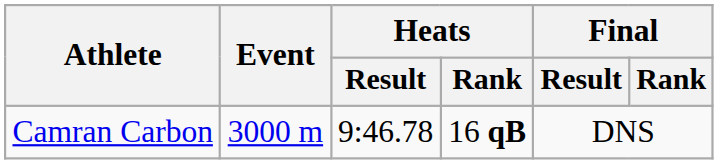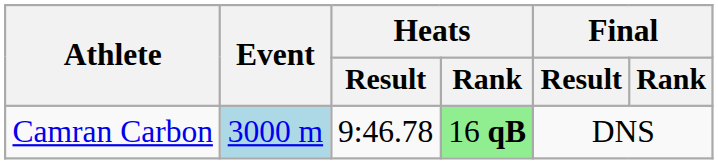 <table class="wikitable" style="font-size:90%">
 <tr>
 <th rowspan=2>Athlete</th>
 <th rowspan=2>Event</th>
 <th colspan=2>Heats</th>
 <th colspan=2>Final</th>
 </tr>
 <tr style="font-size:95%">
 <th>Result</th>
 <th>Rank</th>
 <th>Result</th>
 <th>Rank</th>
 </tr>
 <tr align=center>
 <td align=left><a href='#'>Camran Carbon</a></td>
-<td align=left><a href='#'>3000 m</a></td>
+<td align=left style="background: lightblue;"><a href='#'>3000 m</a></td>
 <td>9:46.78</td>
-<td>16 <strong>qB</strong></td>
+<td style="background: lightgreen;">16 <strong>qB</strong></td>
 <td colspan=2>DNS</td>
 </tr>
 </table>
